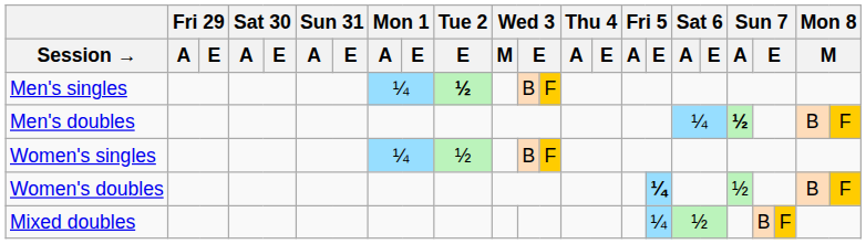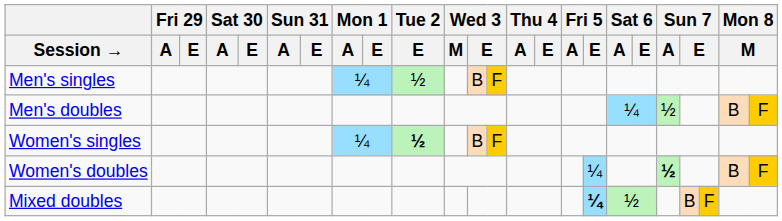 <table class="wikitable" style="margin:0.5em auto; font-size:90%; line-height:1.25em; text-align:center;">
 <tr>
 <th></th>
 <th colspan=2>Fri 29</th>
 <th colspan=2>Sat 30</th>
 <th colspan=2>Sun 31</th>
 <th colspan=2>Mon 1</th>
 <th>Tue 2</th>
 <th colspan=3>Wed 3</th>
 <th colspan=2>Thu 4</th>
 <th colspan=2>Fri 5</th>
 <th colspan=2>Sat 6</th>
 <th colspan=3>Sun 7</th>
 <th colspan=2>Mon 8</th>
 </tr>
 <tr>
 <th>Session →</th>
 <th>A</th>
 <th>E</th>
 <th>A</th>
 <th>E</th>
 <th>A</th>
 <th>E</th>
 <th>A</th>
 <th>E</th>
 <th>E</th>
 <th>M</th>
 <th colspan=2>E</th>
 <th>A</th>
 <th>E</th>
 <th>A</th>
 <th>E</th>
 <th>A</th>
 <th>E</th>
 <th>A</th>
 <th colspan=2>E</th>
 <th colspan=2>M</th>
 </tr>
 <tr>
 <td style="text-align:left;"><a href='#'>Men's singles</a></td>
 <td colspan=2></td>
 <td colspan=2></td>
 <td colspan=2></td>
 <td colspan="2" style="background-color:#97DEFF;">¼</td>
-<td style="background-color:#BBF3BB;"><strong>½</strong></td>
+<td style="background-color:#BBF3BB;">½</td>
 <td></td>
 <td style="background-color:#FEDCBA;">B</td>
 <td style="background-color:#FFCC00;">F</td>
 <td colspan=2></td>
 <td colspan=2></td>
 <td colspan=2></td>
 <td colspan=3></td>
 <td colspan=2></td>
 </tr>
 <tr>
 <td style="text-align:left;"><a href='#'>Men's doubles</a></td>
 <td colspan=2></td>
 <td colspan=2></td>
 <td colspan=2></td>
 <td colspan=2></td>
 <td></td>
 <td colspan=3></td>
 <td colspan=2></td>
 <td colspan=2></td>
 <td colspan="2" style="background-color:#97DEFF;">¼</td>
-<td style="background-color:#BBF3BB;"><strong>½</strong></td>
+<td style="background-color:#BBF3BB;">½</td>
 <td colspan=2></td>
 <td style="background-color:#FEDCBA;">B</td>
 <td style="background-color:#FFCC00;">F</td>
 </tr>
 <tr>
 <td style="text-align:left;"><a href='#'>Women's singles</a></td>
 <td colspan=2></td>
 <td colspan=2></td>
 <td colspan=2></td>
 <td colspan="2" style="background-color:#97DEFF;">¼</td>
-<td style="background-color:#BBF3BB;">½</td>
+<td style="background-color:#BBF3BB;"><strong>½</strong></td>
 <td></td>
 <td style="background-color:#FEDCBA;">B</td>
 <td style="background-color:#FFCC00;">F</td>
 <td colspan=2></td>
 <td colspan=2></td>
 <td colspan=2></td>
 <td colspan=3></td>
 <td colspan=2></td>
 </tr>
 <tr>
 <td style="text-align:left;"><a href='#'>Women's doubles</a></td>
 <td colspan=2></td>
 <td colspan=2></td>
 <td colspan=2></td>
 <td colspan=2></td>
 <td></td>
 <td colspan=3></td>
 <td colspan=2></td>
 <td></td>
-<td style="background-color:#97DEFF;"><strong>¼</strong></td>
+<td style="background-color:#97DEFF;">¼</td>
 <td colspan=2></td>
-<td style="background-color:#BBF3BB;">½</td>
+<td style="background-color:#BBF3BB;"><strong>½</strong></td>
 <td colspan=2></td>
 <td style="background-color:#FEDCBA;">B</td>
 <td style="background-color:#FFCC00;">F</td>
 </tr>
 <tr>
 <td style="text-align:left;"><a href='#'>Mixed doubles</a></td>
 <td colspan=2></td>
 <td colspan=2></td>
 <td colspan=2></td>
 <td colspan=2></td>
 <td></td>
 <td></td>
 <td colspan=2></td>
 <td colspan=2></td>
 <td></td>
-<td style="background-color:#97DEFF;">¼</td>
+<td style="background-color:#97DEFF;"><strong>¼</strong></td>
 <td colspan="2" style="background-color:#BBF3BB;">½</td>
 <td></td>
 <td style="background-color:#FEDCBA;">B</td>
 <td style="background-color:#FFCC00;">F</td>
 <td colspan=2></td>
 </tr>
 </table>
